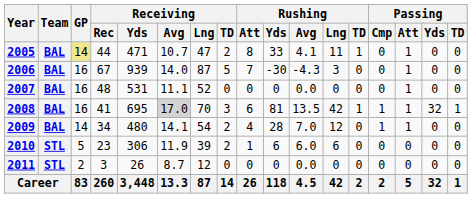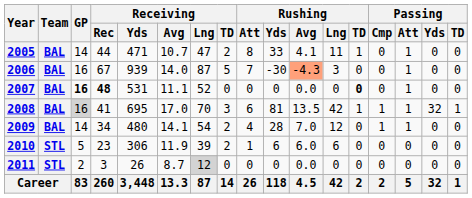 <table class="wikitable" style="text-align: center;">
 <tr>
 <th rowspan="2">Year</th>
 <th rowspan="2">Team</th>
 <th rowspan="2">GP</th>
 <th colspan="5">Receiving</th>
 <th colspan="5">Rushing</th>
 <th colspan="4">Passing</th>
 </tr>
 <tr>
 <th>Rec</th>
 <th>Yds</th>
 <th>Avg</th>
 <th>Lng</th>
 <th>TD</th>
 <th>Att</th>
 <th>Yds</th>
 <th>Avg</th>
 <th>Lng</th>
 <th>TD</th>
 <th>Cmp</th>
 <th>Att</th>
 <th>Yds</th>
 <th>TD</th>
 </tr>
 <tr>
 <th><a href='#'>2005</a></th>
 <th><a href='#'>BAL</a></th>
-<td style="background: khaki;">14</td>
+<td>14</td>
 <td>44</td>
 <td>471</td>
 <td>10.7</td>
 <td>47</td>
 <td>2</td>
 <td>8</td>
 <td>33</td>
 <td>4.1</td>
 <td>11</td>
 <td>1</td>
 <td>0</td>
 <td>1</td>
 <td>0</td>
 <td>0</td>
 </tr>
 <tr>
 <th><a href='#'>2006</a></th>
 <th><a href='#'>BAL</a></th>
 <td>16</td>
 <td>67</td>
 <td>939</td>
 <td>14.0</td>
 <td>87</td>
 <td>5</td>
 <td>7</td>
 <td>-30</td>
-<td>-4.3</td>
+<td style="background: lightsalmon;">-4.3</td>
 <td>3</td>
 <td>0</td>
 <td>0</td>
 <td>1</td>
 <td>0</td>
 <td>0</td>
 </tr>
 <tr>
 <th><a href='#'>2007</a></th>
 <th><a href='#'>BAL</a></th>
-<td>16</td>
-<td>48</td>
+<td><strong>16</strong></td>
+<td><strong>48</strong></td>
 <td>531</td>
 <td>11.1</td>
 <td>52</td>
 <td>0</td>
 <td>0</td>
 <td>0</td>
 <td>0.0</td>
 <td>0</td>
-<td>0</td>
+<td><strong>0</strong></td>
 <td>0</td>
 <td>1</td>
 <td>0</td>
 <td>0</td>
 </tr>
 <tr>
 <th><a href='#'>2008</a></th>
 <th><a href='#'>BAL</a></th>
-<td>16</td>
+<td style="background: lightgrey;">16</td>
 <td>41</td>
 <td>695</td>
-<td style="background: lightgrey;">17.0</td>
+<td>17.0</td>
 <td>70</td>
 <td>3</td>
 <td>6</td>
 <td>81</td>
 <td>13.5</td>
 <td>42</td>
 <td>1</td>
 <td>1</td>
 <td>1</td>
 <td>32</td>
 <td>1</td>
 </tr>
 <tr>
 <th><a href='#'>2009</a></th>
 <th><a href='#'>BAL</a></th>
 <td>14</td>
 <td>34</td>
 <td>480</td>
 <td>14.1</td>
 <td>54</td>
 <td>2</td>
 <td>4</td>
 <td>28</td>
 <td>7.0</td>
 <td>12</td>
 <td>0</td>
 <td>1</td>
 <td>1</td>
 <td>0</td>
 <td>0</td>
 </tr>
 <tr>
 <th><a href='#'>2010</a></th>
 <th><a href='#'>STL</a></th>
 <td>5</td>
 <td>23</td>
 <td>306</td>
 <td>11.9</td>
 <td>39</td>
 <td>2</td>
 <td>1</td>
 <td>6</td>
 <td>6.0</td>
 <td>6</td>
 <td>0</td>
 <td>0</td>
 <td>0</td>
 <td>0</td>
 <td>0</td>
 </tr>
 <tr>
 <th><a href='#'>2011</a></th>
 <th><a href='#'>STL</a></th>
 <td>2</td>
 <td>3</td>
 <td>26</td>
 <td>8.7</td>
-<td>12</td>
+<td style="background: lightgrey;">12</td>
 <td>0</td>
 <td>0</td>
 <td>0</td>
 <td>0.0</td>
 <td>0</td>
 <td>0</td>
 <td>0</td>
 <td>0</td>
 <td>0</td>
 <td>0</td>
 </tr>
 <tr>
 <th colspan="2">Career</th>
 <th>83</th>
 <th>260</th>
 <th>3,448</th>
 <th>13.3</th>
 <th>87</th>
 <th>14</th>
 <th>26</th>
 <th>118</th>
 <th>4.5</th>
 <th>42</th>
 <th>2</th>
 <th>2</th>
 <th>5</th>
 <th>32</th>
 <th>1</th>
 </tr>
 </table>
